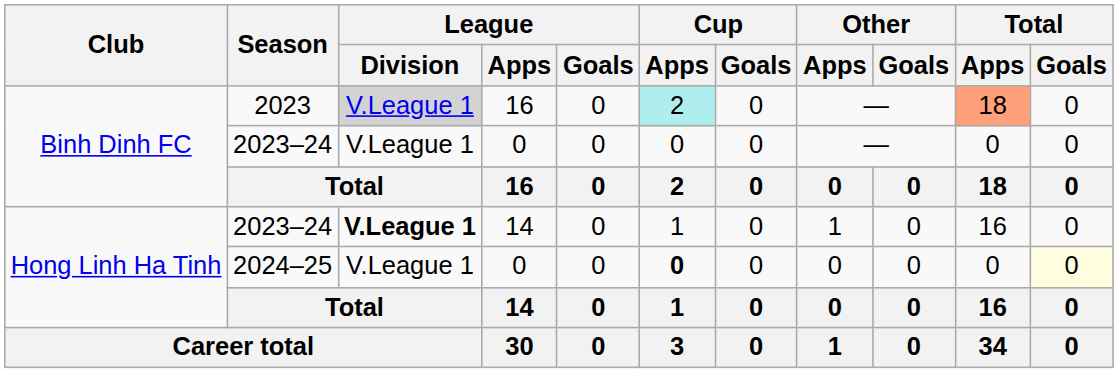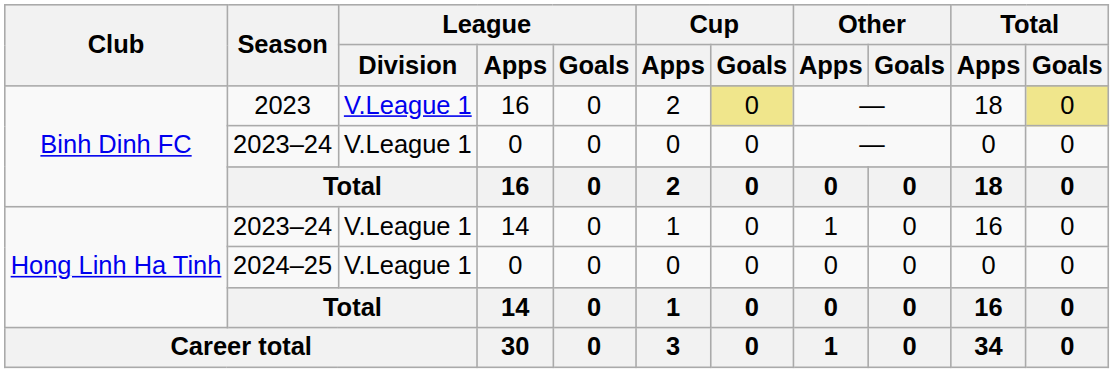 <table class=wikitable style="text-align:center; margin-bottom: 10px;">
 <tr>
 <th rowspan=2>Club</th>
 <th rowspan=2>Season</th>
 <th colspan=3>League</th>
 <th colspan=2>Cup</th>
 <th colspan=2>Other</th>
 <th colspan=2>Total</th>
 </tr>
 <tr>
 <th>Division</th>
 <th>Apps</th>
 <th>Goals</th>
 <th>Apps</th>
 <th>Goals</th>
 <th>Apps</th>
 <th>Goals</th>
 <th>Apps</th>
 <th>Goals</th>
 </tr>
 <tr>
 <td rowspan=3><a href='#'>Binh Dinh FC</a></td>
 <td>2023</td>
-<td style="background: lightgrey;"><a href='#'>V.League 1</a></td>
+<td><a href='#'>V.League 1</a></td>
 <td>16</td>
 <td>0</td>
-<td style="background: paleturquoise;">2</td>
-<td>0</td>
+<td>2</td>
+<td style="background: khaki;">0</td>
 <td colspan=2>—</td>
-<td style="background: lightsalmon;">18</td>
-<td>0</td>
+<td>18</td>
+<td style="background: khaki;">0</td>
 </tr>
 <tr>
 <td>2023–24</td>
 <td>V.League 1</td>
 <td>0</td>
 <td>0</td>
 <td>0</td>
 <td>0</td>
 <td colspan="2">—</td>
 <td>0</td>
 <td>0</td>
 </tr>
 <tr>
 <th colspan=2>Total</th>
 <th>16</th>
 <th>0</th>
 <th>2</th>
 <th>0</th>
 <th>0</th>
 <th>0</th>
 <th>18</th>
 <th>0</th>
 </tr>
 <tr>
 <td rowspan=3><a href='#'>Hong Linh Ha Tinh</a></td>
 <td>2023–24</td>
-<td><strong>V.League 1</strong></td>
+<td>V.League 1</td>
 <td>14</td>
 <td>0</td>
 <td>1</td>
 <td>0</td>
 <td>1</td>
 <td>0</td>
 <td>16</td>
 <td>0</td>
 </tr>
 <tr>
 <td>2024–25</td>
 <td>V.League 1</td>
 <td>0</td>
 <td>0</td>
-<td><strong>0</strong></td>
 <td>0</td>
 <td>0</td>
 <td>0</td>
 <td>0</td>
-<td style="background: lightyellow;">0</td>
+<td>0</td>
+<td>0</td>
 </tr>
 <tr>
 <th colspan=2>Total</th>
 <th>14</th>
 <th>0</th>
 <th>1</th>
 <th>0</th>
 <th>0</th>
 <th>0</th>
 <th>16</th>
 <th>0</th>
 </tr>
 <tr>
 <th colspan=3>Career total</th>
 <th>30</th>
 <th>0</th>
 <th>3</th>
 <th>0</th>
 <th>1</th>
 <th>0</th>
 <th>34</th>
 <th>0</th>
 </tr>
 </table>
